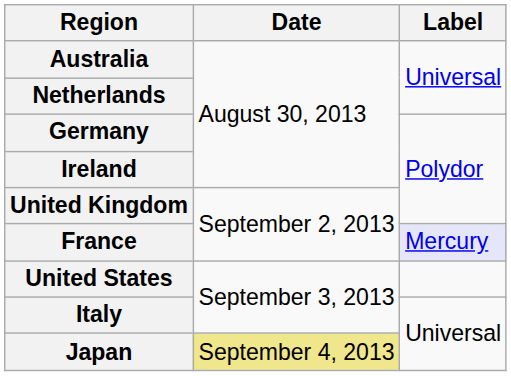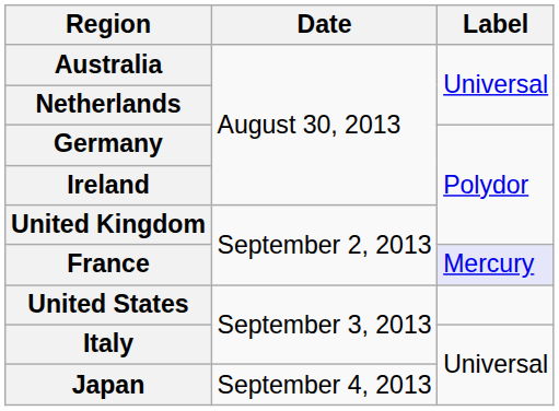 <table class="wikitable plainrowheaders">
 <tr>
 <th scope="col">Region</th>
 <th scope="col">Date</th>
 <th scope="col">Label</th>
 </tr>
 <tr>
 <th scope="row">Australia</th>
 <td rowspan="4">August 30, 2013</td>
 <td rowspan="2"><a href='#'>Universal</a></td>
 </tr>
 <tr>
 <th scope="row">Netherlands</th>
 </tr>
 <tr>
 <th scope="row">Germany</th>
 <td rowspan="3"><a href='#'>Polydor</a></td>
 </tr>
 <tr>
 <th scope="row">Ireland</th>
 </tr>
 <tr>
 <th scope="row">United Kingdom</th>
 <td rowspan="2">September 2, 2013</td>
 </tr>
 <tr>
 <th scope="row">France</th>
 <td style="background: lavender;"><a href='#'>Mercury</a></td>
 </tr>
 <tr>
 <th scope="row">United States</th>
 <td rowspan="2">September 3, 2013</td>
 <td></td>
 </tr>
 <tr>
 <th scope="row">Italy</th>
 <td rowspan="2">Universal</td>
 </tr>
 <tr>
 <th scope="row">Japan</th>
-<td style="background: khaki;">September 4, 2013</td>
+<td>September 4, 2013</td>
 </tr>
 </table>
